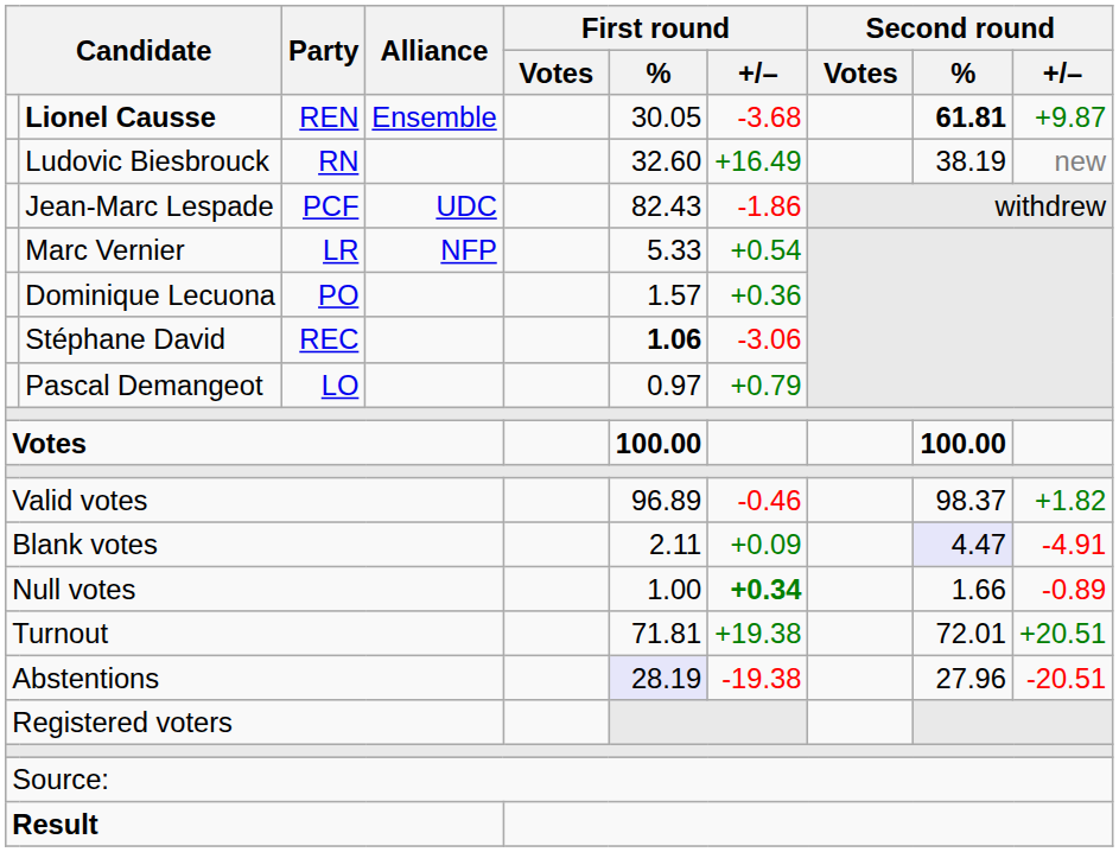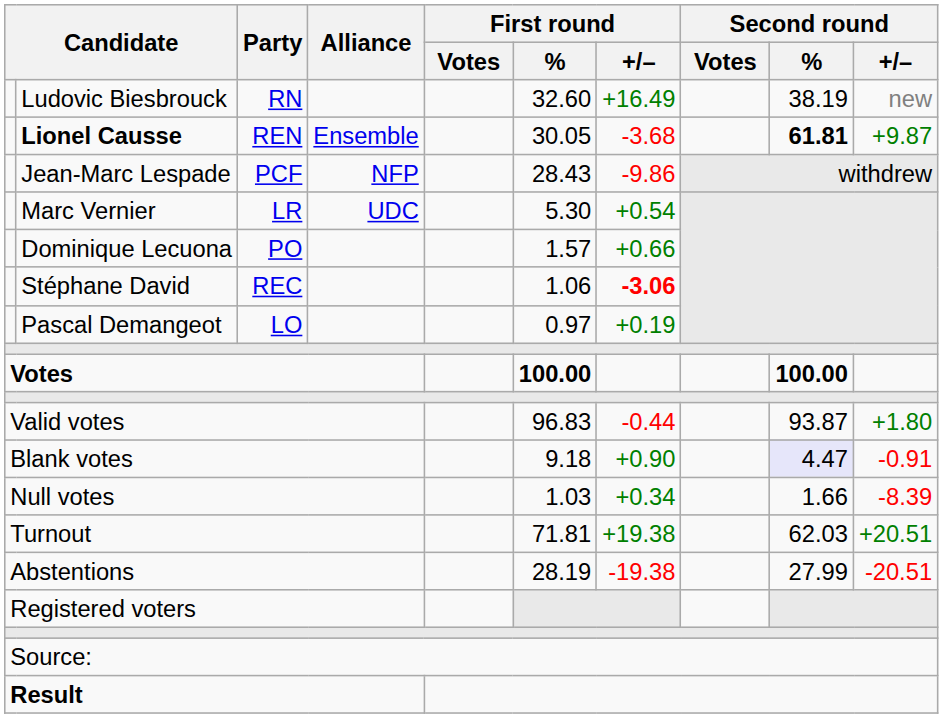 <table class="wikitable" style="text-align:right;font-size:95%;">
 <tr>
 <th rowspan="2" colspan="2">Candidate</th>
 <th colspan="1" rowspan="2">Party</th>
 <th colspan="1" rowspan="2">Alliance</th>
 <th colspan="3">First round</th>
 <th colspan="3">Second round</th>
 </tr>
 <tr>
 <th style="width:50px;">Votes</th>
 <th style="width:45px;">%</th>
 <th style="width:45px;">+/–</th>
 <th style="width:50px;">Votes</th>
 <th style="width:45px;">%</th>
 <th style="width:45px;">+/–</th>
 </tr>
 <tr>
 <td style="color:inherit;background:"></td>
+<td style="text-align:left;">Ludovic Biesbrouck</td>
+<td><a href='#'>RN</a></td>
+<td></td>
+<td></td>
+<td>32.60</td>
+<td style="color:green;">+16.49</td>
+<td></td>
+<td>38.19</td>
+<td style="color:grey;">new</td>
+</tr>
+<tr>
+<td style="color:inherit;background:"></td>
 <td style="text-align:left;"><strong>Lionel Causse</strong></td>
 <td><a href='#'>REN</a></td>
 <td><a href='#'>Ensemble</a></td>
 <td></td>
 <td>30.05</td>
 <td style="color:red;">-3.68</td>
 <td><strong></strong></td>
 <td><strong>61.81</strong></td>
 <td style="color:green;">+9.87</td>
 </tr>
 <tr>
 <td style="color:inherit;background:"></td>
-<td style="text-align:left;">Ludovic Biesbrouck</td>
-<td><a href='#'>RN</a></td>
-<td></td>
-<td></td>
-<td>32.60</td>
-<td style="color:green;">+16.49</td>
-<td></td>
-<td>38.19</td>
-<td style="color:grey;">new</td>
-</tr>
-<tr>
-<td style="color:inherit;background:"></td>
 <td style="text-align:left;">Jean-Marc Lespade</td>
 <td><a href='#'>PCF</a></td>
-<td><a href='#'>UDC</a></td>
+<td><a href='#'>NFP</a></td>
 <td></td>
-<td>82.43</td>
-<td style="color:red;">-1.86</td>
+<td>28.43</td>
+<td style="color:red;">-9.86</td>
 <td colspan="3" style="background:#E9E9E9;">withdrew</td>
 </tr>
 <tr>
 <td style="color:inherit;background:"></td>
 <td style="text-align:left;">Marc Vernier</td>
 <td><a href='#'>LR</a></td>
-<td><a href='#'>NFP</a></td>
+<td><a href='#'>UDC</a></td>
 <td></td>
-<td>5.33</td>
+<td>5.30</td>
 <td style="color:green;">+0.54</td>
 <td colspan="3" rowspan="4" style="background:#E9E9E9;"></td>
 </tr>
 <tr>
 <td style="color:inherit;background:"></td>
 <td style="text-align:left;">Dominique Lecuona</td>
 <td><a href='#'>PO</a></td>
 <td></td>
 <td></td>
 <td>1.57</td>
-<td style="color:green;">+0.36</td>
+<td style="color:green;">+0.66</td>
 </tr>
 <tr>
 <td style="color:inherit;background:"></td>
 <td style="text-align:left;">Stéphane David</td>
 <td><a href='#'>REC</a></td>
 <td></td>
 <td></td>
-<td><strong>1.06</strong></td>
-<td style="color:red;">-3.06</td>
+<td>1.06</td>
+<td style="color:red;"><strong>-3.06</strong></td>
 </tr>
 <tr>
 <td style="color:inherit;background:"></td>
 <td style="text-align:left;">Pascal Demangeot</td>
 <td><a href='#'>LO</a></td>
 <td></td>
 <td></td>
 <td>0.97</td>
-<td style="color:green;">+0.79</td>
+<td style="color:green;">+0.19</td>
 </tr>
 <tr>
 <td colspan="10" style="background:#E9E9E9;"></td>
 </tr>
 <tr style="font-weight:bold;">
 <td colspan="4" style="text-align:left;">Votes</td>
 <td></td>
 <td>100.00</td>
 <td></td>
 <td></td>
 <td>100.00</td>
 <td></td>
 </tr>
 <tr>
 <td colspan="10" style="background:#E9E9E9;"></td>
 </tr>
 <tr>
 <td colspan="4" style="text-align:left;">Valid votes</td>
 <td></td>
-<td>96.89</td>
-<td style="color:red;">-0.46</td>
+<td>96.83</td>
+<td style="color:red;">-0.44</td>
 <td></td>
-<td>98.37</td>
-<td style="color:green;">+1.82</td>
+<td>93.87</td>
+<td style="color:green;">+1.80</td>
 </tr>
 <tr>
 <td colspan="4" style="text-align:left;">Blank votes</td>
 <td></td>
-<td>2.11</td>
-<td style="color:green;">+0.09</td>
+<td>9.18</td>
+<td style="color:green;">+0.90</td>
 <td></td>
 <td style="background: lavender;">4.47</td>
-<td style="color:red;">-4.91</td>
+<td style="color:red;">-0.91</td>
 </tr>
 <tr>
 <td colspan="4" style="text-align:left;">Null votes</td>
 <td></td>
-<td>1.00</td>
-<td style="color:green;"><strong>+0.34</strong></td>
+<td>1.03</td>
+<td style="color:green;">+0.34</td>
 <td></td>
 <td>1.66</td>
-<td style="color:red;">-0.89</td>
+<td style="color:red;">-8.39</td>
 </tr>
 <tr>
 <td colspan="4" style="text-align:left;">Turnout</td>
 <td></td>
 <td>71.81</td>
 <td style="color:green;">+19.38</td>
 <td></td>
-<td>72.01</td>
+<td>62.03</td>
 <td style="color:green;">+20.51</td>
 </tr>
 <tr>
 <td colspan="4" style="text-align:left;">Abstentions</td>
 <td></td>
-<td style="background: lavender;">28.19</td>
+<td>28.19</td>
 <td style="color:red;">-19.38</td>
 <td></td>
-<td>27.96</td>
+<td>27.99</td>
 <td style="color:red;">-20.51</td>
 </tr>
 <tr>
 <td colspan="4" style="text-align:left;">Registered voters</td>
 <td></td>
 <td colspan="2" style="background:#E9E9E9;"></td>
 <td></td>
 <td colspan="2" style="background:#E9E9E9;"></td>
 </tr>
 <tr>
 <td colspan="10" style="background:#E9E9E9;"></td>
 </tr>
 <tr>
 <td colspan="10" style="text-align:left;">Source: </td>
 </tr>
 <tr style="font-weight:bold">
 <td colspan="4" style="text-align:left;">Result</td>
 <td colspan="6" style="background-color:"></td>
 </tr>
 </table>
